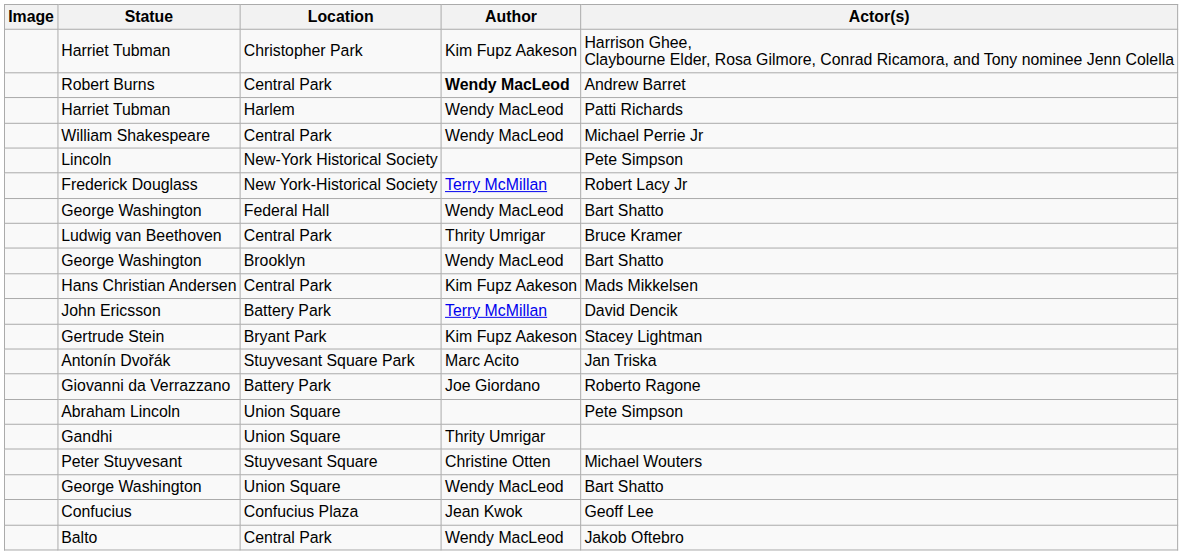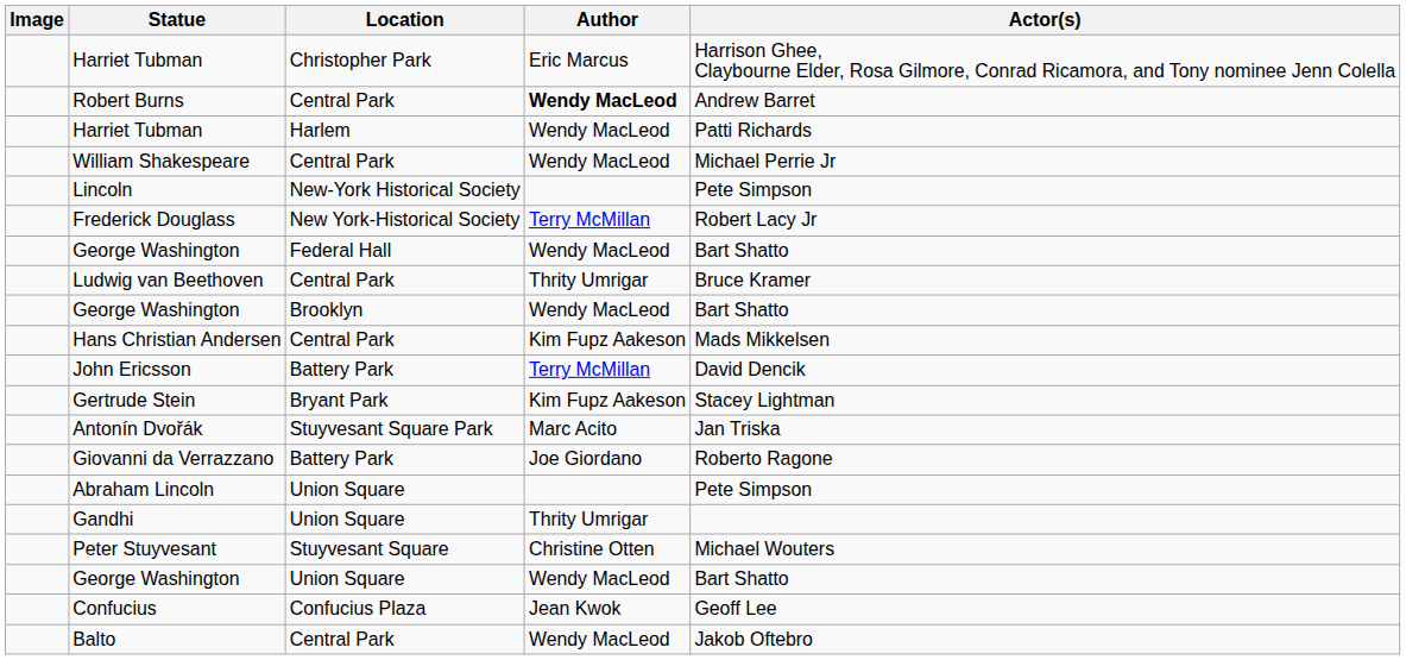 <table class="wikitable">
 <tr>
 <th>Image</th>
 <th>Statue</th>
 <th>Location</th>
 <th>Author</th>
 <th>Actor(s)</th>
 </tr>
 <tr>
 <td></td>
 <td>Harriet Tubman</td>
 <td>Christopher Park</td>
-<td>Kim Fupz Aakeson</td>
+<td>Eric Marcus</td>
 <td>Harrison Ghee,<br>Claybourne Elder,  Rosa Gilmore,  Conrad Ricamora, and Tony nominee Jenn Colella</td>
 </tr>
 <tr>
 <td></td>
 <td>Robert Burns</td>
 <td>Central Park</td>
 <td><strong>Wendy MacLeod</strong></td>
 <td>Andrew Barret</td>
 </tr>
 <tr>
 <td></td>
 <td>Harriet Tubman</td>
 <td>Harlem</td>
 <td>Wendy MacLeod</td>
 <td>Patti Richards</td>
 </tr>
 <tr>
 <td></td>
 <td>William Shakespeare</td>
 <td>Central Park</td>
 <td>Wendy MacLeod</td>
 <td>Michael Perrie Jr</td>
 </tr>
 <tr>
 <td></td>
 <td>Lincoln</td>
 <td>New-York Historical Society</td>
 <td></td>
 <td>Pete Simpson</td>
 </tr>
 <tr>
 <td></td>
 <td>Frederick Douglass</td>
 <td>New York-Historical Society</td>
 <td><a href='#'>Terry McMillan</a></td>
 <td>Robert Lacy Jr</td>
 </tr>
 <tr>
 <td></td>
 <td>George Washington</td>
 <td>Federal Hall</td>
 <td>Wendy MacLeod</td>
 <td>Bart Shatto</td>
 </tr>
 <tr>
 <td></td>
 <td>Ludwig van Beethoven</td>
 <td>Central Park</td>
 <td>Thrity Umrigar</td>
 <td>Bruce Kramer</td>
 </tr>
 <tr>
 <td></td>
 <td>George Washington</td>
 <td>Brooklyn</td>
 <td>Wendy MacLeod</td>
 <td>Bart Shatto</td>
 </tr>
 <tr>
 <td></td>
 <td>Hans Christian Andersen</td>
 <td>Central Park</td>
 <td>Kim Fupz Aakeson</td>
 <td>Mads Mikkelsen</td>
 </tr>
 <tr>
 <td></td>
 <td>John Ericsson</td>
 <td>Battery Park</td>
 <td><a href='#'>Terry McMillan</a></td>
 <td>David Dencik</td>
 </tr>
 <tr>
 <td></td>
 <td>Gertrude Stein</td>
 <td>Bryant Park</td>
 <td>Kim Fupz Aakeson</td>
 <td>Stacey Lightman</td>
 </tr>
 <tr>
 <td></td>
 <td>Antonín Dvořák</td>
 <td>Stuyvesant Square Park</td>
 <td>Marc Acito</td>
 <td>Jan Triska</td>
 </tr>
 <tr>
 <td></td>
 <td>Giovanni da Verrazzano</td>
 <td>Battery Park</td>
 <td>Joe Giordano</td>
 <td>Roberto Ragone</td>
 </tr>
 <tr>
 <td></td>
 <td>Abraham Lincoln</td>
 <td>Union Square</td>
 <td></td>
 <td>Pete Simpson</td>
 </tr>
 <tr>
 <td></td>
 <td>Gandhi</td>
 <td>Union Square</td>
 <td>Thrity Umrigar</td>
 <td></td>
 </tr>
 <tr>
 <td></td>
 <td>Peter Stuyvesant</td>
 <td>Stuyvesant Square</td>
 <td>Christine Otten</td>
 <td>Michael Wouters</td>
 </tr>
 <tr>
 <td></td>
 <td>George Washington</td>
 <td>Union Square</td>
 <td>Wendy MacLeod</td>
 <td>Bart Shatto</td>
 </tr>
 <tr>
 <td></td>
 <td>Confucius</td>
 <td>Confucius Plaza</td>
 <td>Jean Kwok</td>
 <td>Geoff Lee</td>
 </tr>
 <tr>
 <td></td>
 <td>Balto</td>
 <td>Central Park</td>
 <td>Wendy MacLeod</td>
 <td>Jakob Oftebro</td>
 </tr>
 </table>
